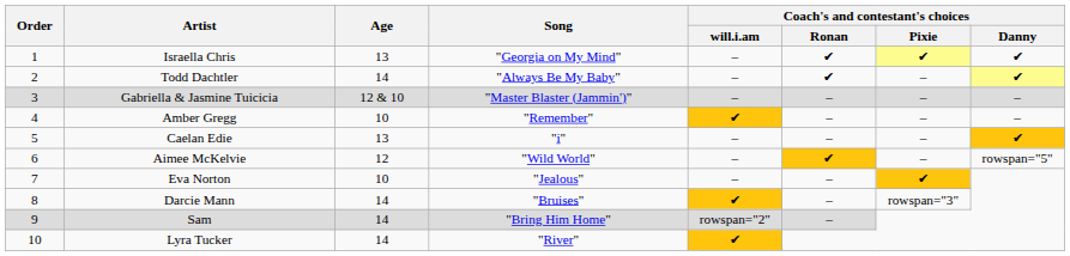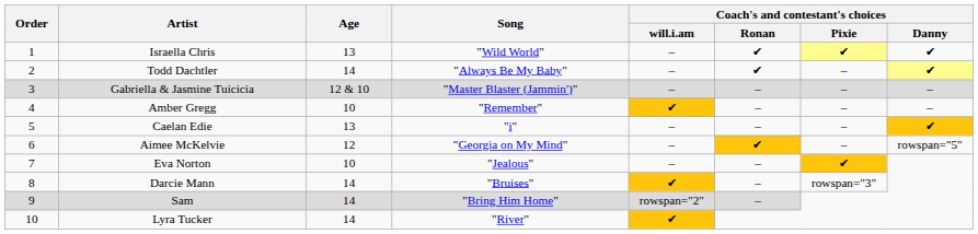 <table class="wikitable" style="text-align:center; line-height:17px; font-size:100%; width:100%">
 <tr>
 <th scope="col" rowspan="2" width="05%">Order</th>
 <th scope="col" rowspan="2" width="23%">Artist</th>
 <th scope="col" rowspan="2" width="08%">Age</th>
 <th scope="col" rowspan="2" width="22%">Song</th>
 <th scope="col" colspan="4" width="24%">Coach's and contestant's choices</th>
 </tr>
 <tr>
 <th width="8%">will.i.am</th>
 <th width="8%">Ronan</th>
 <th width="8%">Pixie</th>
 <th width="8%">Danny</th>
 </tr>
 <tr>
 <td>1</td>
 <td>Israella Chris</td>
 <td>13</td>
-<td>"<a href='#'>Georgia on My Mind</a>"</td>
+<td>"<a href='#'>Wild World</a>"</td>
 <td>–</td>
 <td>✔</td>
 <td style="background:#fdfc8f">✔</td>
 <td>✔</td>
 </tr>
 <tr>
 <td>2</td>
 <td>Todd Dachtler</td>
 <td>14</td>
 <td>"<a href='#'>Always Be My Baby</a>"</td>
 <td>–</td>
 <td>✔</td>
 <td>–</td>
 <td style="background:#fdfc8f">✔</td>
 </tr>
 <tr bgcolor="#dcdcdc">
 <td>3</td>
 <td>Gabriella & Jasmine Tuicicia</td>
 <td>12 & 10</td>
 <td>"<a href='#'>Master Blaster (Jammin')</a>"</td>
 <td>–</td>
 <td>–</td>
 <td>–</td>
 <td>–</td>
 </tr>
 <tr>
 <td>4</td>
 <td>Amber Gregg</td>
 <td>10</td>
 <td>"<a href='#'>Remember</a>"</td>
 <td style="background:#FFC40C">✔</td>
 <td>–</td>
 <td>–</td>
 <td>–</td>
 </tr>
 <tr>
 <td>5</td>
 <td>Caelan Edie</td>
 <td>13</td>
 <td>"<a href='#'>i</a>"</td>
 <td>–</td>
 <td>–</td>
 <td>–</td>
 <td style="background:#FFC40C">✔</td>
 </tr>
 <tr>
 <td>6</td>
 <td>Aimee McKelvie</td>
 <td>12</td>
-<td>"<a href='#'>Wild World</a>"</td>
+<td>"<a href='#'>Georgia on My Mind</a>"</td>
 <td>–</td>
 <td style="background:#FFC40C">✔</td>
 <td>–</td>
 <td>rowspan="5" </td>
 </tr>
 <tr>
 <td>7</td>
 <td>Eva Norton</td>
 <td>10</td>
 <td>"<a href='#'>Jealous</a>"</td>
 <td>–</td>
 <td>–</td>
 <td style="background:#FFC40C">✔</td>
 </tr>
 <tr>
 <td>8</td>
 <td>Darcie Mann</td>
 <td>14</td>
 <td>"<a href='#'>Bruises</a>"</td>
 <td style="background:#FFC40C">✔</td>
 <td>–</td>
 <td>rowspan="3" </td>
 </tr>
 <tr bgcolor="#dcdcdc">
 <td>9</td>
 <td>Sam</td>
 <td>14</td>
 <td>"<a href='#'>Bring Him Home</a>"</td>
 <td>rowspan="2" </td>
 <td>–</td>
 </tr>
 <tr>
 <td>10</td>
 <td>Lyra Tucker</td>
 <td>14</td>
 <td>"<a href='#'>River</a>"</td>
 <td style="background:#FFC40C">✔</td>
 </tr>
 </table>
